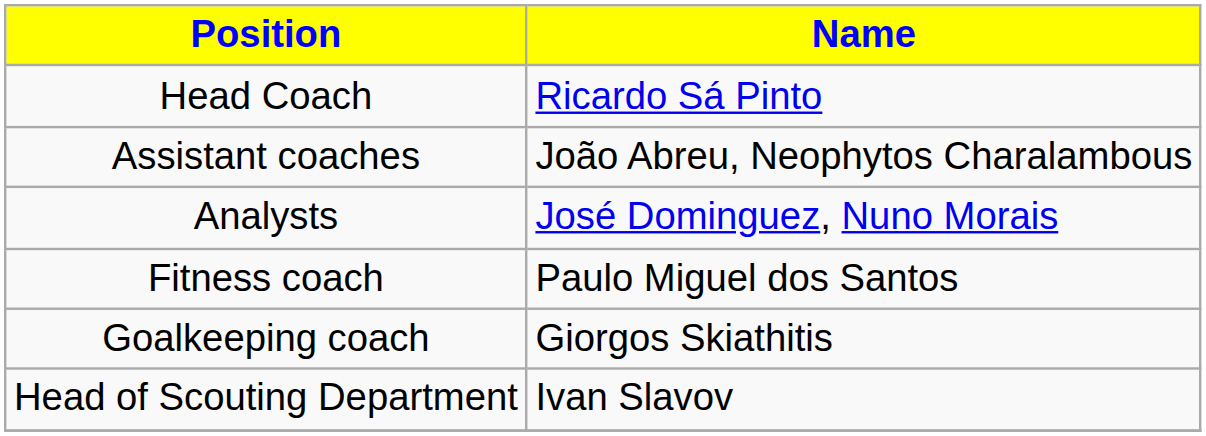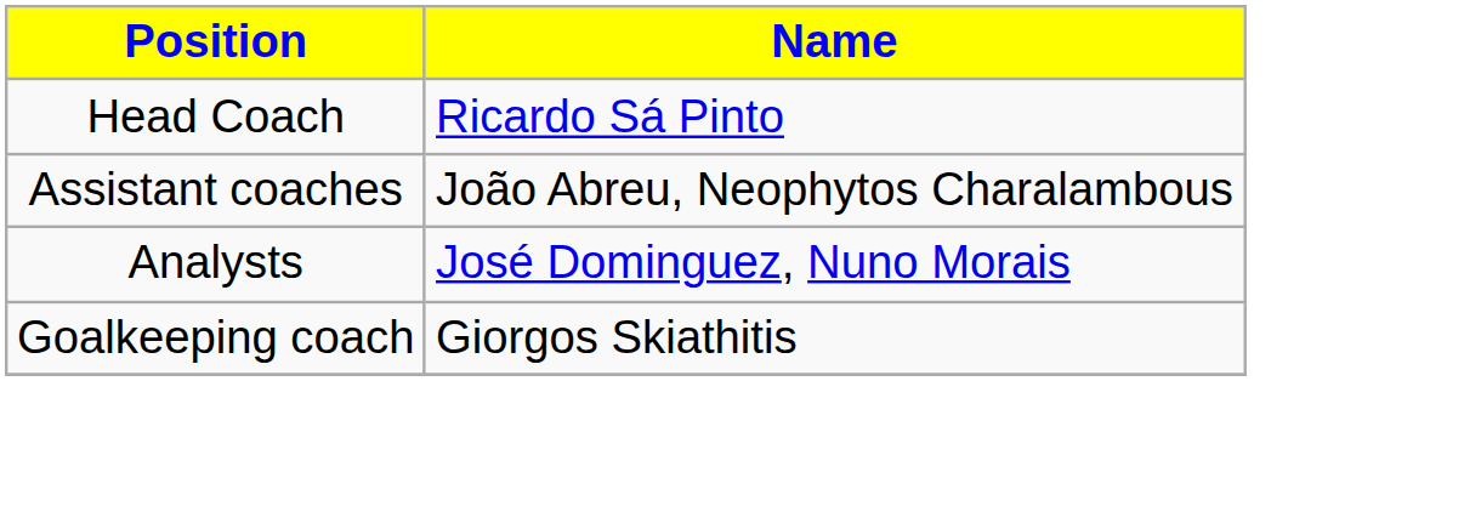 <table class="wikitable plainrowheaders sortable">
 <tr>
 <th style="background:#FFFF00; color:	#0000FF; ">Position</th>
 <th style="background:#FFFF00; color:	#0000FF; ">Name</th>
 </tr>
 <tr>
 <td align=center>Head Coach</td>
 <td align=left> <a href='#'>Ricardo Sá Pinto</a></td>
 </tr>
 <tr>
 <td align=center>Assistant coaches</td>
 <td align=left> João Abreu,  Neophytos Charalambous</td>
 </tr>
 <tr>
 <td align=center>Analysts</td>
 <td align=left> <a href='#'>José Dominguez</a>,  <a href='#'>Nuno Morais</a></td>
 </tr>
 <tr>
-<td align=center>Fitness coach</td>
-<td align=left> Paulo Miguel dos Santos</td>
-</tr>
-<tr>
 <td align=center>Goalkeeping coach</td>
 <td align=left> Giorgos Skiathitis</td>
 </tr>
 <tr>
-<td align=center>Head of Scouting Department</td>
-<td align=left> Ivan Slavov</td>
-</tr>
-<tr>
 </tr>
 </table>
